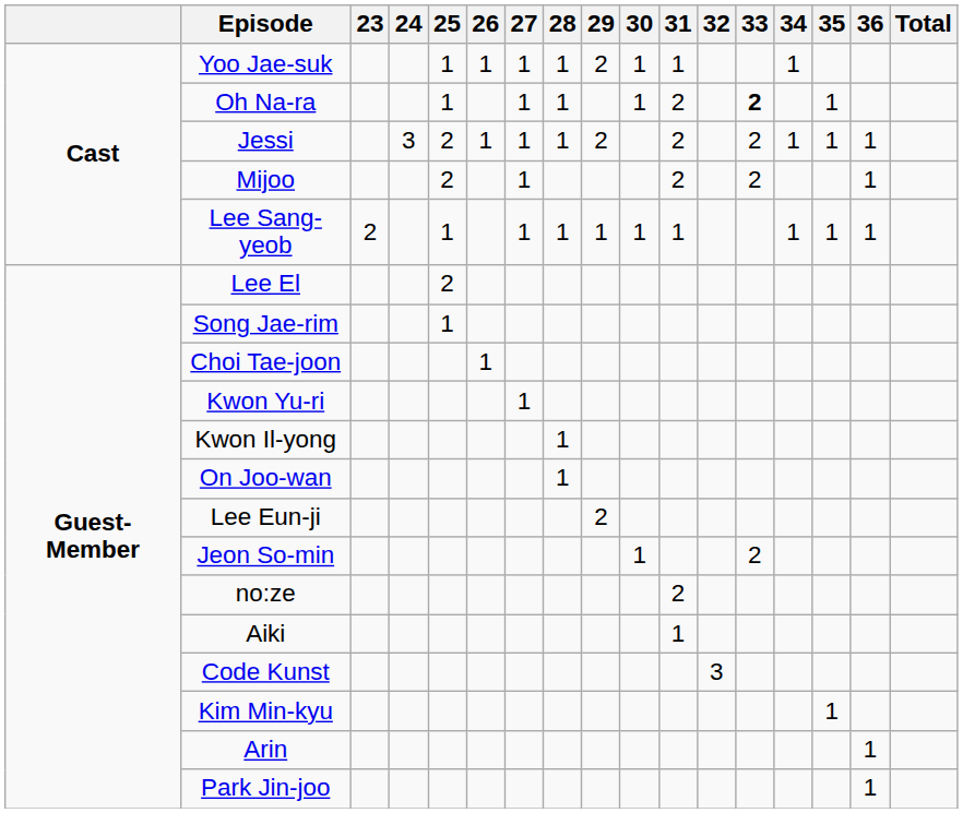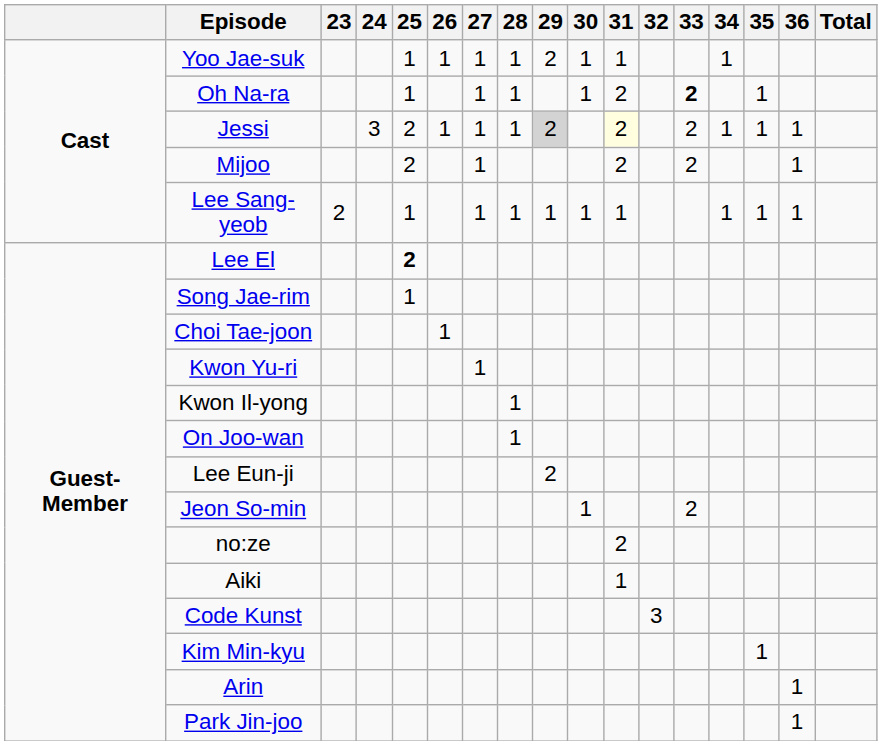 <table class="wikitable plainrowheaders nowrap" style="margin:auto; text-align:center">
 <tr>
 <th></th>
 <th>Episode</th>
 <th>23</th>
 <th>24</th>
 <th>25</th>
 <th>26</th>
 <th>27</th>
 <th>28</th>
 <th>29</th>
 <th>30</th>
 <th>31</th>
 <th>32</th>
 <th>33</th>
 <th>34</th>
 <th>35</th>
 <th>36</th>
 <th>Total</th>
 </tr>
 <tr>
 <td rowspan="5"><strong>Cast</strong></td>
 <td><a href='#'>Yoo Jae-suk</a></td>
 <td></td>
 <td></td>
 <td>1</td>
 <td>1</td>
 <td>1</td>
 <td>1</td>
 <td>2</td>
 <td>1</td>
 <td>1</td>
 <td></td>
 <td></td>
 <td>1</td>
 <td></td>
 <td></td>
 <td></td>
 </tr>
 <tr>
 <td><a href='#'>Oh Na-ra</a></td>
 <td></td>
 <td></td>
 <td>1</td>
 <td></td>
 <td>1</td>
 <td>1</td>
 <td></td>
 <td>1</td>
 <td>2</td>
 <td></td>
 <td><strong>2</strong></td>
 <td></td>
 <td>1</td>
 <td></td>
 <td></td>
 </tr>
 <tr>
 <td><a href='#'>Jessi</a></td>
 <td></td>
 <td>3</td>
 <td>2</td>
 <td>1</td>
 <td>1</td>
 <td>1</td>
-<td>2</td>
+<td style="background: lightgrey;">2</td>
 <td></td>
-<td>2</td>
+<td style="background: lightyellow;">2</td>
 <td></td>
 <td>2</td>
 <td>1</td>
 <td>1</td>
 <td>1</td>
 <td></td>
 </tr>
 <tr>
 <td><a href='#'>Mijoo</a></td>
 <td></td>
 <td></td>
 <td>2</td>
 <td></td>
 <td>1</td>
 <td></td>
 <td></td>
 <td></td>
 <td>2</td>
 <td></td>
 <td>2</td>
 <td></td>
 <td></td>
 <td>1</td>
 <td></td>
 </tr>
 <tr>
 <td><a href='#'>Lee Sang-yeob</a></td>
 <td>2</td>
 <td></td>
 <td>1</td>
 <td></td>
 <td>1</td>
 <td>1</td>
 <td>1</td>
 <td>1</td>
 <td>1</td>
 <td></td>
 <td></td>
 <td>1</td>
 <td>1</td>
 <td>1</td>
 <td></td>
 </tr>
 <tr>
 <td rowspan="14"><strong>Guest-Member</strong></td>
 <td><a href='#'>Lee El</a></td>
 <td></td>
 <td></td>
-<td>2</td>
+<td><strong>2</strong></td>
 <td></td>
 <td></td>
 <td></td>
 <td></td>
 <td></td>
 <td></td>
 <td></td>
 <td></td>
 <td></td>
 <td></td>
 <td></td>
 <td></td>
 </tr>
 <tr>
 <td><a href='#'>Song Jae-rim</a></td>
 <td></td>
 <td></td>
 <td>1</td>
 <td></td>
 <td></td>
 <td></td>
 <td></td>
 <td></td>
 <td></td>
 <td></td>
 <td></td>
 <td></td>
 <td></td>
 <td></td>
 <td></td>
 </tr>
 <tr>
 <td><a href='#'>Choi Tae-joon</a></td>
 <td></td>
 <td></td>
 <td></td>
 <td>1</td>
 <td></td>
 <td></td>
 <td></td>
 <td></td>
 <td></td>
 <td></td>
 <td></td>
 <td></td>
 <td></td>
 <td></td>
 <td></td>
 </tr>
 <tr>
 <td><a href='#'>Kwon Yu-ri</a></td>
 <td></td>
 <td></td>
 <td></td>
 <td></td>
 <td>1</td>
 <td></td>
 <td></td>
 <td></td>
 <td></td>
 <td></td>
 <td></td>
 <td></td>
 <td></td>
 <td></td>
 <td></td>
 </tr>
 <tr>
 <td>Kwon Il-yong</td>
 <td></td>
 <td></td>
 <td></td>
 <td></td>
 <td></td>
 <td>1</td>
 <td></td>
 <td></td>
 <td></td>
 <td></td>
 <td></td>
 <td></td>
 <td></td>
 <td></td>
 <td></td>
 </tr>
 <tr>
 <td><a href='#'>On Joo-wan</a></td>
 <td></td>
 <td></td>
 <td></td>
 <td></td>
 <td></td>
 <td>1</td>
 <td></td>
 <td></td>
 <td></td>
 <td></td>
 <td></td>
 <td></td>
 <td></td>
 <td></td>
 <td></td>
 </tr>
 <tr>
 <td>Lee Eun-ji</td>
 <td></td>
 <td></td>
 <td></td>
 <td></td>
 <td></td>
 <td></td>
 <td>2</td>
 <td></td>
 <td></td>
 <td></td>
 <td></td>
 <td></td>
 <td></td>
 <td></td>
 <td></td>
 </tr>
 <tr>
 <td><a href='#'>Jeon So-min</a></td>
 <td></td>
 <td></td>
 <td></td>
 <td></td>
 <td></td>
 <td></td>
 <td></td>
 <td>1</td>
 <td></td>
 <td></td>
 <td>2</td>
 <td></td>
 <td></td>
 <td></td>
 <td></td>
 </tr>
 <tr>
 <td>no:ze</td>
 <td></td>
 <td></td>
 <td></td>
 <td></td>
 <td></td>
 <td></td>
 <td></td>
 <td></td>
 <td>2</td>
 <td></td>
 <td></td>
 <td></td>
 <td></td>
 <td></td>
 <td></td>
 </tr>
 <tr>
 <td>Aiki</td>
 <td></td>
 <td></td>
 <td></td>
 <td></td>
 <td></td>
 <td></td>
 <td></td>
 <td></td>
 <td>1</td>
 <td></td>
 <td></td>
 <td></td>
 <td></td>
 <td></td>
 <td></td>
 </tr>
 <tr>
 <td><a href='#'>Code Kunst</a></td>
 <td></td>
 <td></td>
 <td></td>
 <td></td>
 <td></td>
 <td></td>
 <td></td>
 <td></td>
 <td></td>
 <td>3</td>
 <td></td>
 <td></td>
 <td></td>
 <td></td>
 <td></td>
 </tr>
 <tr>
 <td><a href='#'>Kim Min-kyu</a></td>
 <td></td>
 <td></td>
 <td></td>
 <td></td>
 <td></td>
 <td></td>
 <td></td>
 <td></td>
 <td></td>
 <td></td>
 <td></td>
 <td></td>
 <td>1</td>
 <td></td>
 <td></td>
 </tr>
 <tr>
 <td><a href='#'>Arin</a></td>
 <td></td>
 <td></td>
 <td></td>
 <td></td>
 <td></td>
 <td></td>
 <td></td>
 <td></td>
 <td></td>
 <td></td>
 <td></td>
 <td></td>
 <td></td>
 <td>1</td>
 <td></td>
 </tr>
 <tr>
 <td><a href='#'>Park Jin-joo</a></td>
 <td></td>
 <td></td>
 <td></td>
 <td></td>
 <td></td>
 <td></td>
 <td></td>
 <td></td>
 <td></td>
 <td></td>
 <td></td>
 <td></td>
 <td></td>
 <td>1</td>
 <td></td>
 </tr>
 </table>
